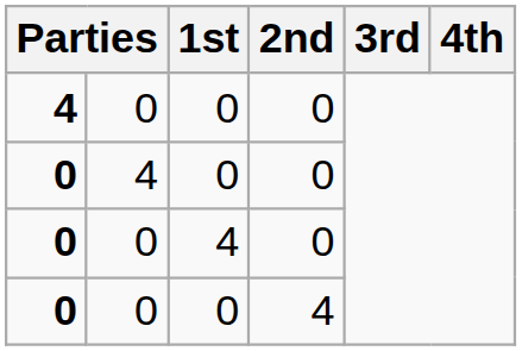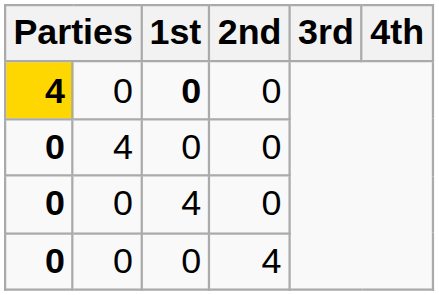 <table class="wikitable" style="text-align:right;">
 <tr>
 <th colspan=2 style="text-align:left;">Parties</th>
 <th>1st</th>
 <th>2nd</th>
 <th>3rd</th>
 <th>4th</th>
 </tr>
 <tr>
-<td><strong>4</strong></td>
+<td style="background: gold;"><strong>4</strong></td>
 <td>0</td>
-<td>0</td>
+<td><strong>0</strong></td>
 <td>0</td>
 </tr>
 <tr>
 <td><strong>0</strong></td>
 <td>4</td>
 <td>0</td>
 <td>0</td>
 </tr>
 <tr>
 <td><strong>0</strong></td>
 <td>0</td>
 <td>4</td>
 <td>0</td>
 </tr>
 <tr>
 <td><strong>0</strong></td>
 <td>0</td>
 <td>0</td>
 <td>4</td>
 </tr>
 </table>
